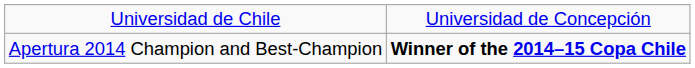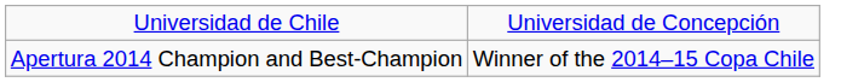 <table class="wikitable" style="text-align:center">
 <tr>
 <td> <a href='#'>Universidad de Chile</a></td>
 <td> <a href='#'>Universidad de Concepción</a></td>
 </tr>
 <tr>
 <td><a href='#'>Apertura 2014</a> Champion and Best-Champion</td>
-<td><strong>Winner of the <a href='#'>2014–15 Copa Chile</a></strong></td>
+<td>Winner of the <a href='#'>2014–15 Copa Chile</a></td>
 </tr>
 </table>
